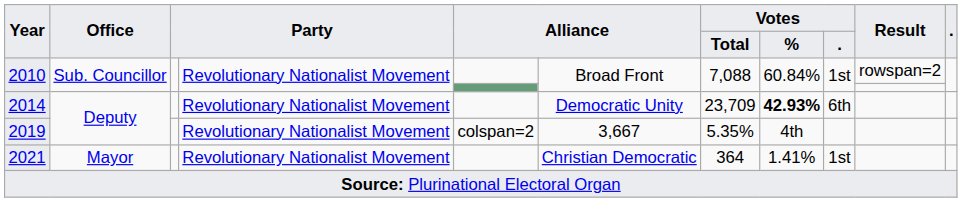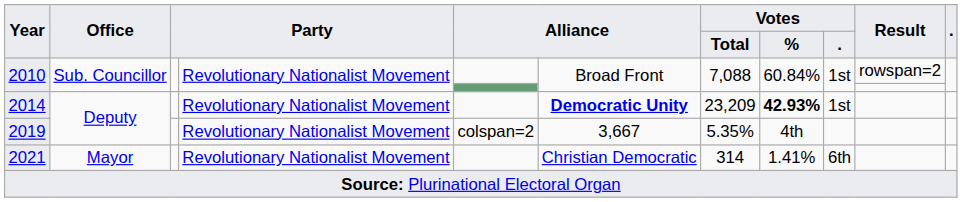 <table class="wikitable" style="font-size:90%; text-align:center;">
 <tr>
 <th style="background-color:#EAECF0;" rowspan=2>Year</th>
 <th style="background-color:#EAECF0;" rowspan=2>Office</th>
 <th style="background-color:#EAECF0;" colspan=2 rowspan=2>Party</th>
 <th style="background-color:#EAECF0;" colspan=2 rowspan=2>Alliance</th>
 <th style="background-color:#EAECF0;" colspan=3>Votes</th>
 <th style="background-color:#EAECF0;" rowspan=2>Result</th>
 <th style="background-color:#EAECF0;" rowspan=2>.</th>
 </tr>
 <tr>
 <th style="background-color:#EAECF0;">Total</th>
 <th style="background-color:#EAECF0;">%</th>
 <th style="background-color:#EAECF0;">.</th>
 </tr>
 <tr>
 <td style="background-color:#EAECF0;" rowspan=2><a href='#'>2010</a></td>
 <td rowspan=2><a href='#'>Sub. Councillor</a></td>
 <td rowspan=2 style="background-color:"></td>
 <td rowspan=2><a href='#'>Revolutionary Nationalist Movement</a></td>
 <td style="background-color:"></td>
 <td rowspan=2>Broad Front</td>
 <td rowspan=2>7,088</td>
 <td rowspan=2>60.84%</td>
 <td rowspan=2>1st</td>
 <td>rowspan=2 </td>
 <td rowspan=2></td>
 </tr>
 <tr>
 <td style="background-color:#639C76;"></td>
 </tr>
 <tr>
 <td style="background-color:#EAECF0;"><a href='#'>2014</a></td>
 <td rowspan=2><a href='#'>Deputy</a></td>
 <td style="background-color:"></td>
 <td><a href='#'>Revolutionary Nationalist Movement</a></td>
 <td style="background-color:"></td>
-<td><a href='#'>Democratic Unity</a></td>
-<td>23,709</td>
+<td><strong><a href='#'>Democratic Unity</a></strong></td>
+<td>23,209</td>
 <td><strong>42.93%</strong></td>
-<td>6th</td>
+<td>1st</td>
 <td></td>
 <td></td>
 </tr>
 <tr>
 <td style="background-color:#EAECF0;"><a href='#'>2019</a></td>
 <td style="background-color:"></td>
 <td><a href='#'>Revolutionary Nationalist Movement</a></td>
 <td>colspan=2 </td>
 <td>3,667</td>
 <td>5.35%</td>
 <td>4th</td>
 <td></td>
 <td></td>
 </tr>
 <tr>
 <td style="background-color:#EAECF0;"><a href='#'>2021</a></td>
 <td><a href='#'>Mayor</a></td>
 <td style="background-color:"></td>
 <td><a href='#'>Revolutionary Nationalist Movement</a></td>
 <td style="background-color:"></td>
 <td><a href='#'>Christian Democratic</a></td>
-<td>364</td>
+<td>314</td>
 <td>1.41%</td>
-<td>1st</td>
+<td>6th</td>
 <td></td>
 <td></td>
 </tr>
 <tr>
 <td style="background-color:#EAECF0;" colspan=11><strong>Source:</strong> <a href='#'>Plurinational Electoral Organ</a>  </td>
 </tr>
 </table>
